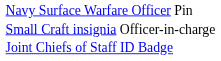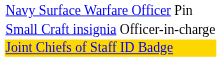 <table>
 <tr>
 <td> <a href='#'>Navy Surface Warfare Officer</a> Pin</td>
 </tr>
 <tr>
 <td> <a href='#'>Small Craft insignia</a> Officer-in-charge</td>
 </tr>
 <tr>
-<td> <a href='#'>Joint Chiefs of Staff ID Badge</a></td>
+<td style="background: gold;"> <a href='#'>Joint Chiefs of Staff ID Badge</a></td>
 </tr>
 </table>
